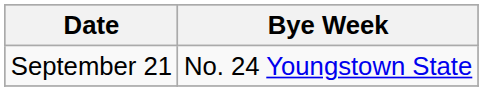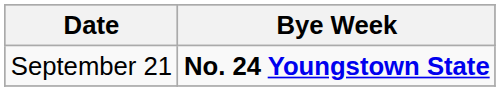 <table class="wikitable" style="font-size:95%;">
 <tr>
 <th>Date</th>
 <th>Bye Week</th>
 </tr>
 <tr>
 <td>September 21</td>
-<td>No. 24 <a href='#'>Youngstown State</a></td>
+<td><strong>No. 24 <a href='#'>Youngstown State</a></strong></td>
 </tr>
 </table>
